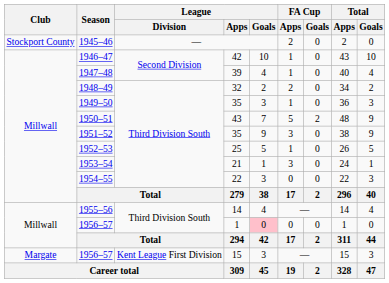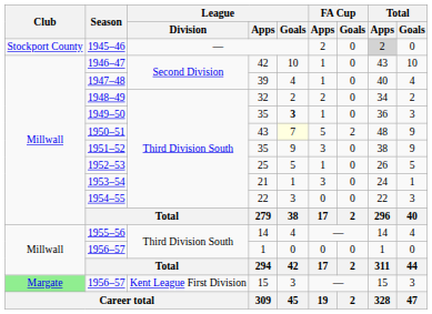 <table class="wikitable" style="text-align: center;">
 <tr>
 <th rowspan="2">Club</th>
 <th rowspan="2">Season</th>
 <th colspan="3">League</th>
 <th colspan="2">FA Cup</th>
 <th colspan="2">Total</th>
 </tr>
 <tr>
 <th>Division</th>
 <th>Apps</th>
 <th>Goals</th>
 <th>Apps</th>
 <th>Goals</th>
 <th>Apps</th>
 <th>Goals</th>
 </tr>
 <tr>
 <td><a href='#'>Stockport County</a></td>
 <td><a href='#'>1945–46</a></td>
 <td colspan="3">—</td>
 <td>2</td>
 <td>0</td>
-<td>2</td>
+<td style="background: lightgrey;">2</td>
 <td>0</td>
 </tr>
 <tr>
 <td rowspan="10"><a href='#'>Millwall</a></td>
 <td><a href='#'>1946–47</a></td>
 <td rowspan="2"><a href='#'>Second Division</a></td>
 <td>42</td>
 <td>10</td>
 <td>1</td>
 <td>0</td>
 <td>43</td>
 <td>10</td>
 </tr>
 <tr>
 <td><a href='#'>1947–48</a></td>
 <td>39</td>
 <td>4</td>
 <td>1</td>
 <td>0</td>
 <td>40</td>
 <td>4</td>
 </tr>
 <tr>
 <td><a href='#'>1948–49</a></td>
 <td rowspan="7"><a href='#'>Third Division South</a></td>
 <td>32</td>
 <td>2</td>
 <td>2</td>
 <td>0</td>
 <td>34</td>
 <td>2</td>
 </tr>
 <tr>
 <td><a href='#'>1949–50</a></td>
 <td>35</td>
-<td>3</td>
+<td><strong>3</strong></td>
 <td>1</td>
 <td>0</td>
 <td>36</td>
 <td>3</td>
 </tr>
 <tr>
 <td><a href='#'>1950–51</a></td>
 <td>43</td>
-<td>7</td>
+<td style="background: lightyellow;">7</td>
 <td>5</td>
 <td>2</td>
 <td>48</td>
 <td>9</td>
 </tr>
 <tr>
 <td><a href='#'>1951–52</a></td>
 <td>35</td>
 <td>9</td>
 <td>3</td>
 <td>0</td>
 <td>38</td>
 <td>9</td>
 </tr>
 <tr>
 <td><a href='#'>1952–53</a></td>
 <td>25</td>
 <td>5</td>
 <td>1</td>
 <td>0</td>
 <td>26</td>
 <td>5</td>
 </tr>
 <tr>
 <td><a href='#'>1953–54</a></td>
 <td>21</td>
 <td>1</td>
 <td>3</td>
 <td>0</td>
 <td>24</td>
 <td>1</td>
 </tr>
 <tr>
 <td><a href='#'>1954–55</a></td>
 <td>22</td>
 <td>3</td>
 <td>0</td>
 <td>0</td>
 <td>22</td>
 <td>3</td>
 </tr>
 <tr>
 <th colspan="2">Total</th>
 <th>279</th>
 <th>38</th>
 <th>17</th>
 <th>2</th>
 <th>296</th>
 <th>40</th>
 </tr>
 <tr>
 <td rowspan="3">Millwall</td>
 <td><a href='#'>1955–56</a></td>
 <td rowspan="2">Third Division South</td>
 <td>14</td>
 <td>4</td>
 <td colspan="2">—</td>
 <td>14</td>
 <td>4</td>
 </tr>
 <tr>
 <td><a href='#'>1956–57</a></td>
 <td>1</td>
-<td style="background: pink;">0</td>
+<td>0</td>
 <td>0</td>
 <td>0</td>
 <td>1</td>
 <td>0</td>
 </tr>
 <tr>
 <th colspan="2">Total</th>
 <th>294</th>
 <th>42</th>
 <th>17</th>
 <th>2</th>
 <th>311</th>
 <th>44</th>
 </tr>
 <tr>
-<td><a href='#'>Margate</a></td>
+<td style="background: lightgreen;"><a href='#'>Margate</a></td>
 <td><a href='#'>1956–57</a></td>
 <td><a href='#'>Kent League</a> First Division</td>
 <td>15</td>
 <td>3</td>
 <td colspan="2">—</td>
 <td>15</td>
 <td>3</td>
 </tr>
 <tr>
 <th colspan="3">Career total</th>
 <th>309</th>
 <th>45</th>
 <th>19</th>
 <th>2</th>
 <th>328</th>
 <th>47</th>
 </tr>
 </table>
